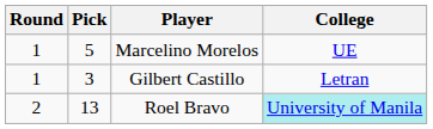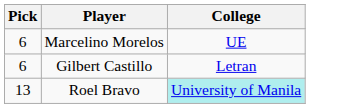 <table class="wikitable sortable sortable">
 <tr>
-<th>Round</th>
 <th>Pick</th>
 <th>Player</th>
 <th>College</th>
 </tr>
 <tr style="text-align: center">
-<td align="center">1</td>
-<td align="center">5</td>
+<td align="center">6</td>
 <td>Marcelino Morelos</td>
 <td><a href='#'>UE</a></td>
 </tr>
 <tr style="text-align: center">
-<td align="center">1</td>
-<td align="center">3</td>
+<td align="center">6</td>
 <td>Gilbert Castillo</td>
 <td><a href='#'>Letran</a></td>
 </tr>
 <tr style="text-align: center">
-<td align="center">2</td>
 <td align="center">13</td>
 <td>Roel Bravo</td>
 <td style="background: paleturquoise;"><a href='#'>University of Manila</a></td>
 </tr>
 </table>
